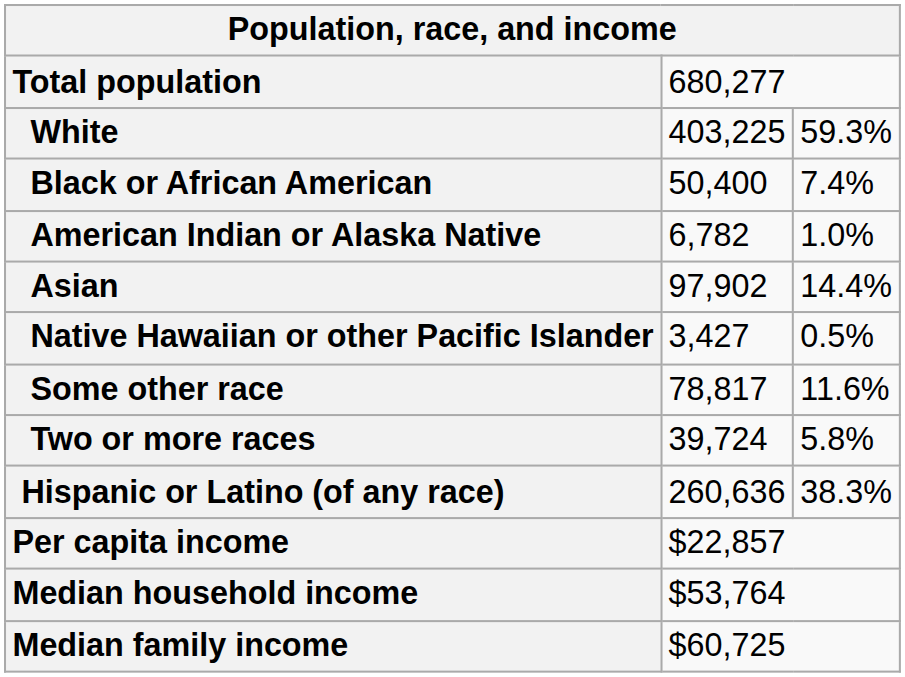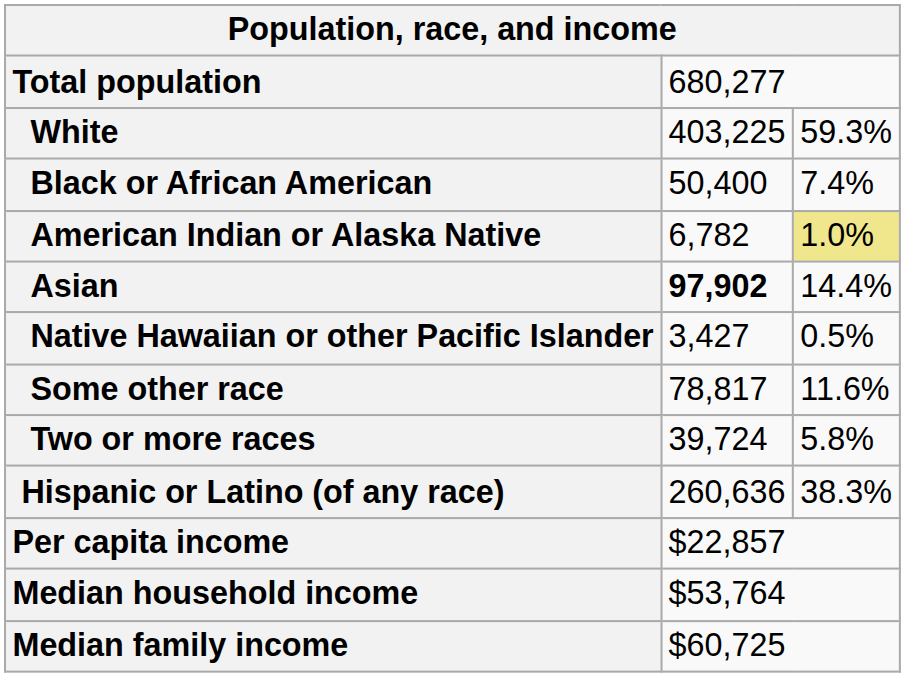 <table class="wikitable collapsible collapsed">
 <tr>
 <th colspan=6>Population, race, and income</th>
 </tr>
 <tr>
 <th scope="row" style="text-align: left;">Total population</th>
 <td colspan=2>680,277</td>
 </tr>
 <tr>
 <th scope="row" style="text-align: left;">  White</th>
 <td>403,225</td>
 <td>59.3%</td>
 </tr>
 <tr>
 <th scope="row" style="text-align: left;">  Black or African American</th>
 <td>50,400</td>
 <td>7.4%</td>
 </tr>
 <tr>
 <th scope="row" style="text-align: left;">  American Indian or Alaska Native</th>
 <td>6,782</td>
-<td>1.0%</td>
+<td style="background: khaki;">1.0%</td>
 </tr>
 <tr>
 <th scope="row" style="text-align: left;">  Asian</th>
-<td>97,902</td>
+<td><strong>97,902</strong></td>
 <td>14.4%</td>
 </tr>
 <tr>
 <th scope="row" style="text-align: left;">  Native Hawaiian or other Pacific Islander</th>
 <td>3,427</td>
 <td>0.5%</td>
 </tr>
 <tr>
 <th scope="row" style="text-align: left;">  Some other race</th>
 <td>78,817</td>
 <td>11.6%</td>
 </tr>
 <tr>
 <th scope="row" style="text-align: left;">  Two or more races</th>
 <td>39,724</td>
 <td>5.8%</td>
 </tr>
 <tr>
 <th scope="row" style="text-align: left;"> Hispanic or Latino (of any race)</th>
 <td>260,636</td>
 <td>38.3%</td>
 </tr>
 <tr>
 <th scope="row" style="text-align: left;">Per capita income</th>
 <td colspan=2>$22,857</td>
 </tr>
 <tr>
 <th scope="row" style="text-align: left;">Median household income</th>
 <td colspan=2>$53,764</td>
 </tr>
 <tr>
 <th scope="row" style="text-align: left;">Median family income</th>
 <td colspan=2>$60,725</td>
 </tr>
 </table>
